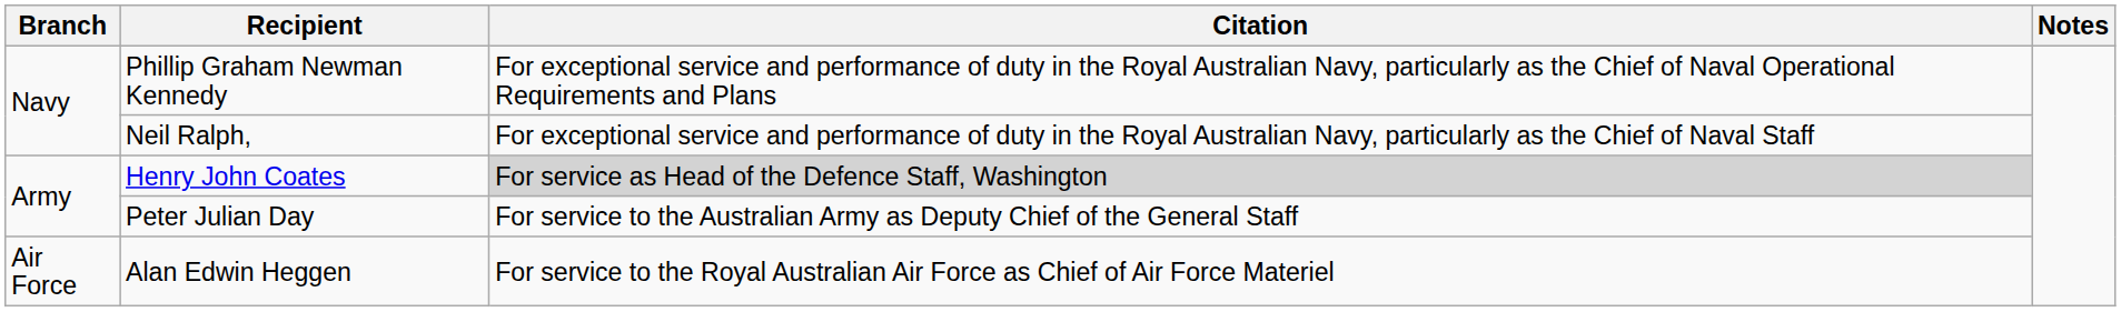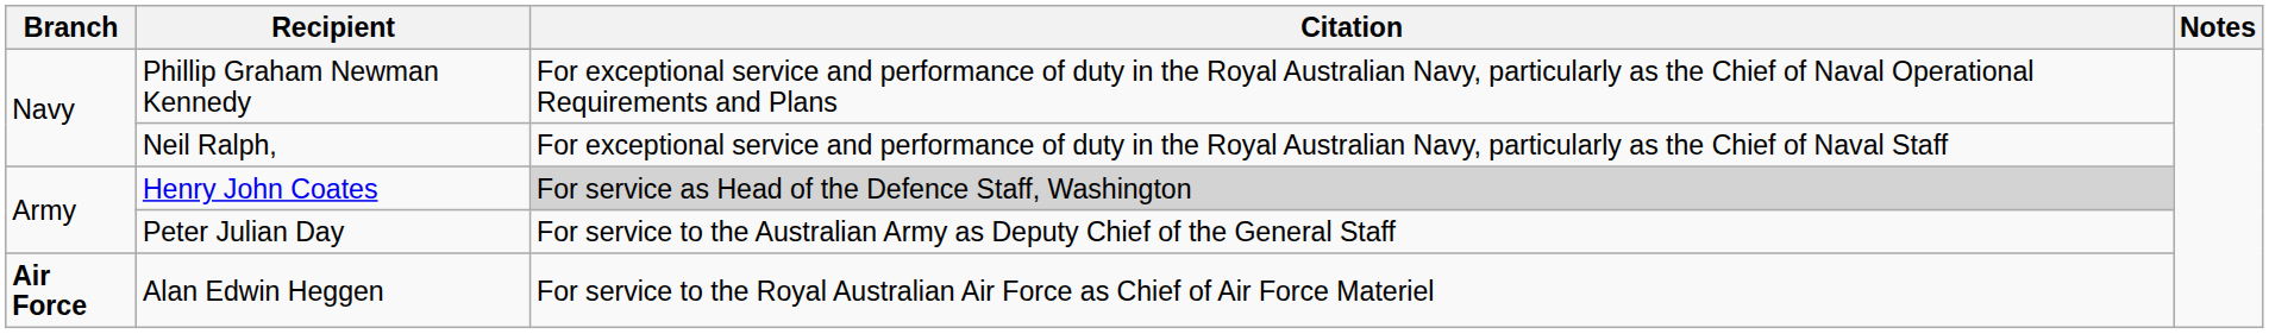 <table class="wikitable" style="font-size:95%;">
 <tr>
 <th>Branch</th>
 <th>Recipient</th>
 <th>Citation</th>
 <th>Notes</th>
 </tr>
 <tr>
 <td rowspan=2>Navy</td>
 <td> Phillip Graham Newman Kennedy</td>
 <td>For exceptional service and performance of duty in the Royal Australian Navy, particularly as the Chief of Naval Operational Requirements and Plans</td>
 <td rowspan=5></td>
 </tr>
 <tr>
 <td> Neil Ralph, </td>
 <td>For exceptional service and performance of duty in the Royal Australian Navy, particularly as the Chief of Naval Staff</td>
 </tr>
 <tr>
 <td rowspan=2>Army</td>
 <td> <a href='#'>Henry John Coates</a> </td>
 <td style="background: lightgrey;">For service as Head of the Defence Staff, Washington</td>
 </tr>
 <tr>
 <td> Peter Julian Day</td>
 <td>For service to the Australian Army as Deputy Chief of the General Staff</td>
 </tr>
 <tr>
-<td rowspan=1>Air Force</td>
+<td rowspan=1><strong>Air Force</strong></td>
 <td> Alan Edwin Heggen</td>
 <td>For service to the Royal Australian Air Force as Chief of Air Force Materiel</td>
 </tr>
 </table>
